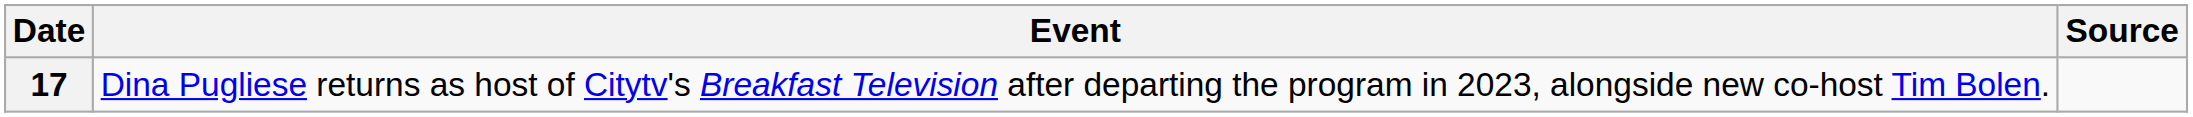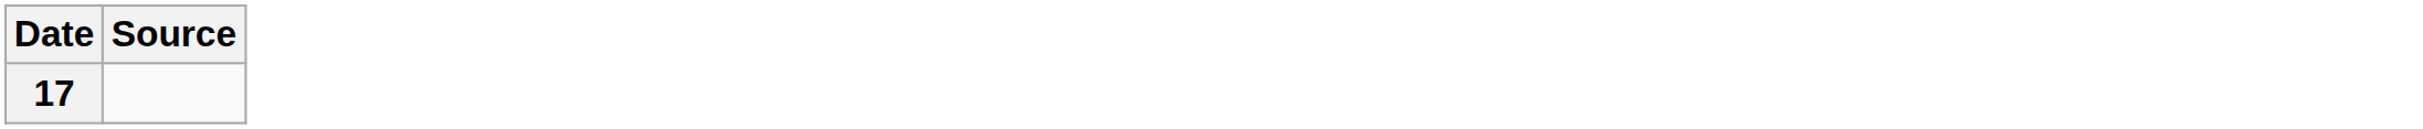 <table class="wikitable">
 <tr>
 <th>Date</th>
-<th>Event</th>
 <th>Source</th>
 </tr>
 <tr>
 <th>17</th>
-<td><a href='#'>Dina Pugliese</a> returns as host of <a href='#'>Citytv</a>'s <em><a href='#'>Breakfast Television</a></em> after departing the program in 2023, alongside new co-host <a href='#'>Tim Bolen</a>.</td>
 <td></td>
 </tr>
 </table>
